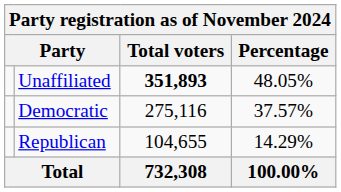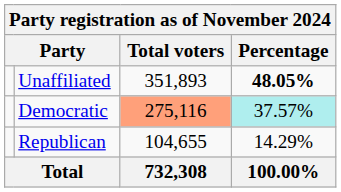 <table class=wikitable>
 <tr>
 <th colspan = 6>Party registration as of November 2024</th>
 </tr>
 <tr>
 <th colspan = 2>Party</th>
 <th>Total voters</th>
 <th>Percentage</th>
 </tr>
 <tr>
 <td></td>
 <td><a href='#'>Unaffiliated</a></td>
-<td align=center><strong>351,893</strong></td>
-<td align=center>48.05%</td>
+<td align=center>351,893</td>
+<td align=center><strong>48.05%</strong></td>
 </tr>
 <tr>
 <td></td>
 <td><a href='#'>Democratic</a></td>
-<td align=center>275,116</td>
-<td align=center>37.57%</td>
+<td align=center style="background: lightsalmon;">275,116</td>
+<td align=center style="background: paleturquoise;">37.57%</td>
 </tr>
 <tr>
 <td></td>
 <td><a href='#'>Republican</a></td>
 <td align=center>104,655</td>
 <td align=center>14.29%</td>
 </tr>
 <tr>
 <th colspan = 2>Total</th>
 <th align=center>732,308</th>
 <th align=center>100.00%</th>
 </tr>
 </table>
